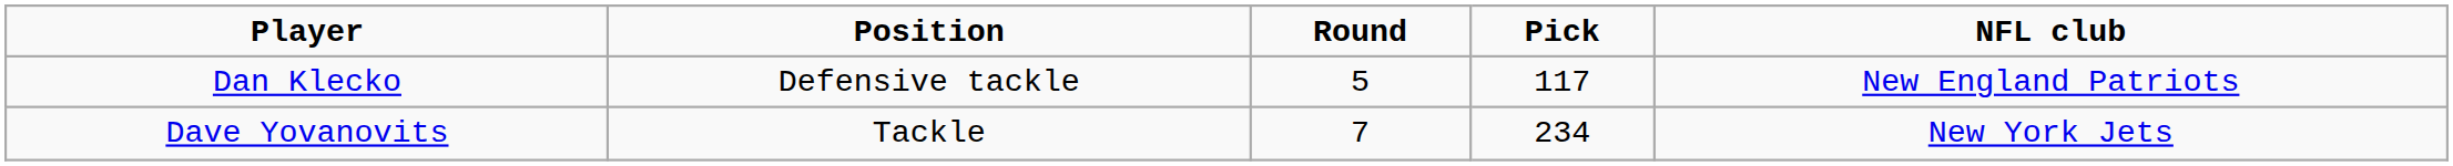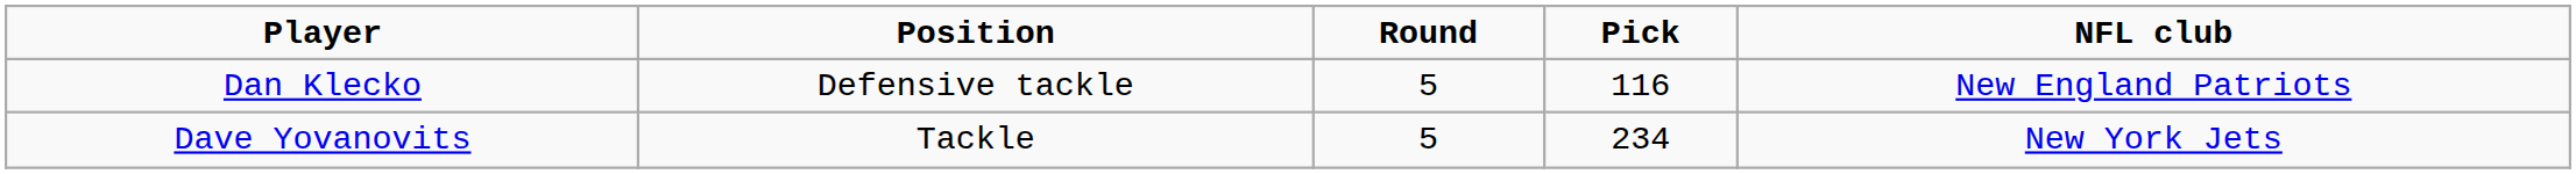 <table class="wikitable" width="80%">
 <tr align="center">
 <td><strong>Player</strong></td>
 <td><strong>Position</strong></td>
 <td><strong>Round</strong></td>
 <td><strong>Pick</strong></td>
 <td><strong>NFL club</strong></td>
 </tr>
 <tr align="center" bgcolor="">
 <td><a href='#'>Dan Klecko</a></td>
 <td>Defensive tackle</td>
 <td>5</td>
-<td>117</td>
+<td>116</td>
 <td><a href='#'>New England Patriots</a></td>
 </tr>
 <tr align="center" bgcolor="">
 <td><a href='#'>Dave Yovanovits</a></td>
 <td>Tackle</td>
-<td>7</td>
+<td>5</td>
 <td>234</td>
 <td><a href='#'>New York Jets</a></td>
 </tr>
 </table>
